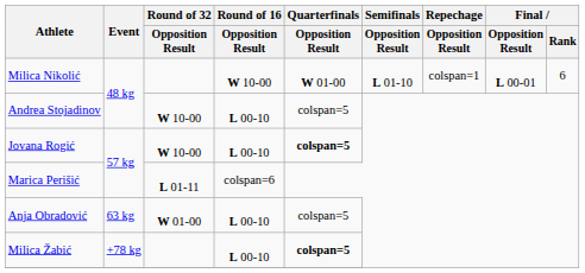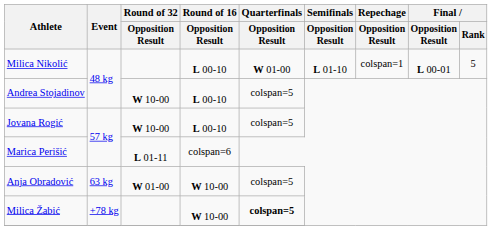 <table class="wikitable" style="font-size:90%">
 <tr>
 <th rowspan="2">Athlete</th>
 <th rowspan="2">Event</th>
 <th>Round of 32</th>
 <th>Round of 16</th>
 <th>Quarterfinals</th>
 <th>Semifinals</th>
 <th>Repechage</th>
 <th colspan=2>Final / </th>
 </tr>
 <tr style="font-size:95%">
 <th>Opposition<br>Result</th>
 <th>Opposition<br>Result</th>
 <th>Opposition<br>Result</th>
 <th>Opposition<br>Result</th>
 <th>Opposition<br>Result</th>
 <th>Opposition<br>Result</th>
 <th>Rank</th>
 </tr>
 <tr align=center>
 <td align=left><a href='#'>Milica Nikolić</a></td>
 <td align=left rowspan=2><a href='#'>48 kg</a></td>
 <td></td>
-<td><br><strong>W</strong> 10-00</td>
+<td><br><strong>L</strong> 00-10</td>
 <td><br><strong>W</strong> 01-00</td>
 <td><br><strong>L</strong> 01-10</td>
 <td>colspan=1 </td>
 <td><br><strong>L</strong> 00-01</td>
-<td>6</td>
+<td>5</td>
 </tr>
 <tr align=center>
 <td align=left><a href='#'>Andrea Stojadinov</a></td>
 <td><br><strong>W</strong> 10-00</td>
 <td><br><strong>L</strong> 00-10</td>
 <td>colspan=5 </td>
 </tr>
 <tr align=center>
 <td align=left><a href='#'>Jovana Rogić</a></td>
 <td align=left rowspan=2><a href='#'>57 kg</a></td>
 <td><br> <strong>W</strong> 10-00</td>
 <td><br><strong>L</strong> 00-10</td>
-<td><strong>colspan=5 </strong></td>
+<td>colspan=5 </td>
 </tr>
 <tr align=center>
 <td align=left><a href='#'>Marica Perišić</a></td>
 <td><br><strong>L</strong> 01-11</td>
 <td>colspan=6 </td>
 </tr>
 <tr align=center>
 <td align=left><a href='#'>Anja Obradović</a></td>
 <td align=left><a href='#'>63 kg</a></td>
 <td><br><strong>W</strong> 01-00</td>
-<td><br><strong>L</strong> 00-10</td>
+<td><br><strong>W</strong> 10-00</td>
 <td>colspan=5 </td>
 </tr>
 <tr align=center>
 <td align=left><a href='#'>Milica Žabić</a></td>
 <td align=left><a href='#'>+78 kg</a></td>
 <td></td>
-<td><br><strong>L</strong> 00-10</td>
+<td><br><strong>W</strong> 10-00</td>
 <td><strong>colspan=5 </strong></td>
 </tr>
 <tr align=center>
 </tr>
 </table>
